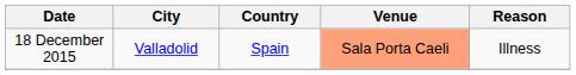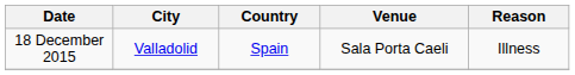 <table class="wikitable" style="text-align:center;">
 <tr>
 <th width="150">Date</th>
 <th width="150">City</th>
 <th width="150">Country</th>
 <th width="275">Venue</th>
 <th width="150">Reason</th>
 </tr>
 <tr>
 <td align="center">18 December 2015</td>
 <td align="center"><a href='#'>Valladolid</a></td>
 <td rowspan="1" align="center"><a href='#'>Spain</a></td>
-<td align="center" style="background: lightsalmon;">Sala Porta Caeli</td>
+<td align="center">Sala Porta Caeli</td>
 <td align="center">Illness</td>
 </tr>
 <tr>
 </tr>
 </table>
